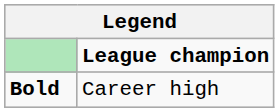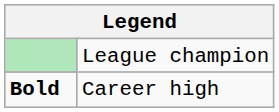 <table class="wikitable">
 <tr>
 <th colspan="2">Legend</th>
 </tr>
 <tr>
 <td style="background:#afe6ba; width:3em;"></td>
-<td><strong>League champion</strong></td>
+<td>League champion</td>
 </tr>
 <tr>
 <td><strong>Bold</strong></td>
 <td>Career high</td>
 </tr>
 </table>
